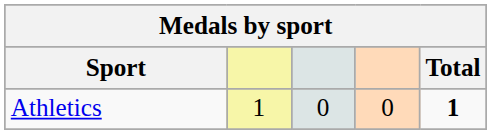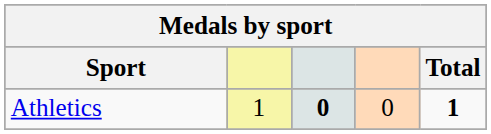 <table class="wikitable" style="font-size:90%; text-align:center;">
 <tr>
 <th colspan="5">Medals by sport</th>
 </tr>
 <tr>
 <th width="120">Sport</th>
 <th scope="col" width="30" style="background:#F7F6A8;"></th>
 <th scope="col" width="30" style="background:#DCE5E5;"></th>
 <th scope="col" width="30" style="background:#FFDAB9;"></th>
 <th width="30">Total</th>
 </tr>
 <tr>
 <td align="left"><a href='#'>Athletics</a></td>
 <td style="background:#F7F6A8;">1</td>
-<td style="background:#DCE5E5;">0</td>
+<td style="background:#DCE5E5;"><strong>0</strong></td>
 <td style="background:#FFDAB9;">0</td>
 <td><strong>1</strong></td>
 </tr>
 </table>
